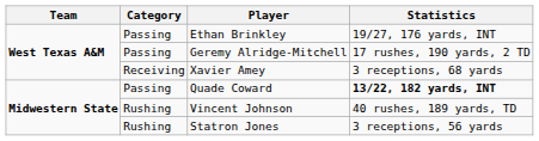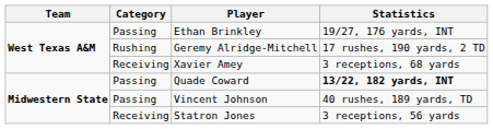 <table class="wikitable" style="float: right;">
 <tr>
 <th>Team</th>
 <th>Category</th>
 <th>Player</th>
 <th>Statistics</th>
 </tr>
 <tr>
 <td rowspan=3><strong>West Texas A&M</strong></td>
 <td>Passing</td>
 <td>Ethan Brinkley</td>
 <td>19/27, 176 yards, INT</td>
 </tr>
 <tr>
-<td>Passing</td>
+<td>Rushing</td>
 <td>Geremy Alridge-Mitchell</td>
 <td>17 rushes, 190 yards, 2 TD</td>
 </tr>
 <tr>
 <td>Receiving</td>
 <td>Xavier Amey</td>
 <td>3 receptions, 68 yards</td>
 </tr>
 <tr>
 <td rowspan=3><strong>Midwestern State</strong></td>
 <td>Passing</td>
 <td>Quade Coward</td>
 <td><strong>13/22, 182 yards, INT</strong></td>
 </tr>
 <tr>
-<td>Rushing</td>
+<td>Passing</td>
 <td>Vincent Johnson</td>
 <td>40 rushes, 189 yards, TD</td>
 </tr>
 <tr>
-<td>Rushing</td>
+<td>Receiving</td>
 <td>Statron Jones</td>
 <td>3 receptions, 56 yards</td>
 </tr>
 </table>
